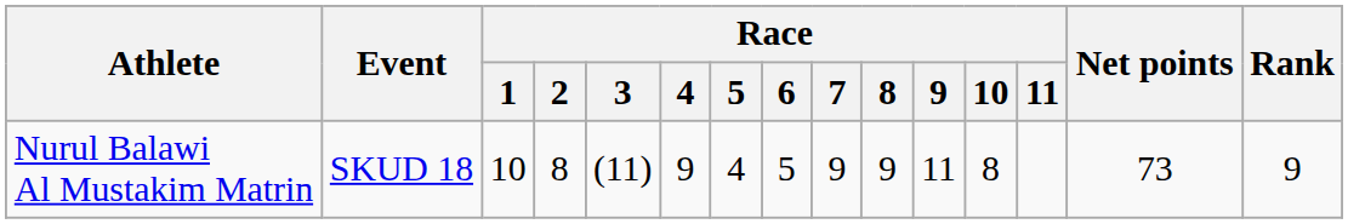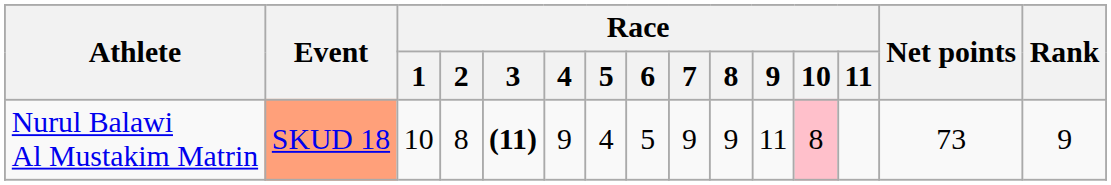 <table class=wikitable>
 <tr>
 <th rowspan="2">Athlete</th>
 <th rowspan="2">Event</th>
 <th colspan="11">Race</th>
 <th rowspan="2">Net points</th>
 <th rowspan="2">Rank</th>
 </tr>
 <tr>
 <th width="15">1</th>
 <th width="15">2</th>
 <th width="15">3</th>
 <th width="15">4</th>
 <th width="15">5</th>
 <th width="15">6</th>
 <th width="15">7</th>
 <th width="15">8</th>
 <th width="15">9</th>
 <th width="15">10</th>
 <th width="15">11</th>
 </tr>
 <tr align=center>
 <td align=left><a href='#'>Nurul Balawi</a><br><a href='#'>Al Mustakim Matrin</a></td>
-<td align=left><a href='#'>SKUD 18</a></td>
+<td align=left style="background: lightsalmon;"><a href='#'>SKUD 18</a></td>
 <td>10</td>
 <td>8</td>
-<td>(11)</td>
+<td><strong>(11)</strong></td>
 <td>9</td>
 <td>4</td>
 <td>5</td>
 <td>9</td>
 <td>9</td>
 <td>11</td>
-<td>8</td>
+<td style="background: pink;">8</td>
 <td></td>
 <td>73</td>
 <td>9</td>
 </tr>
 </table>
